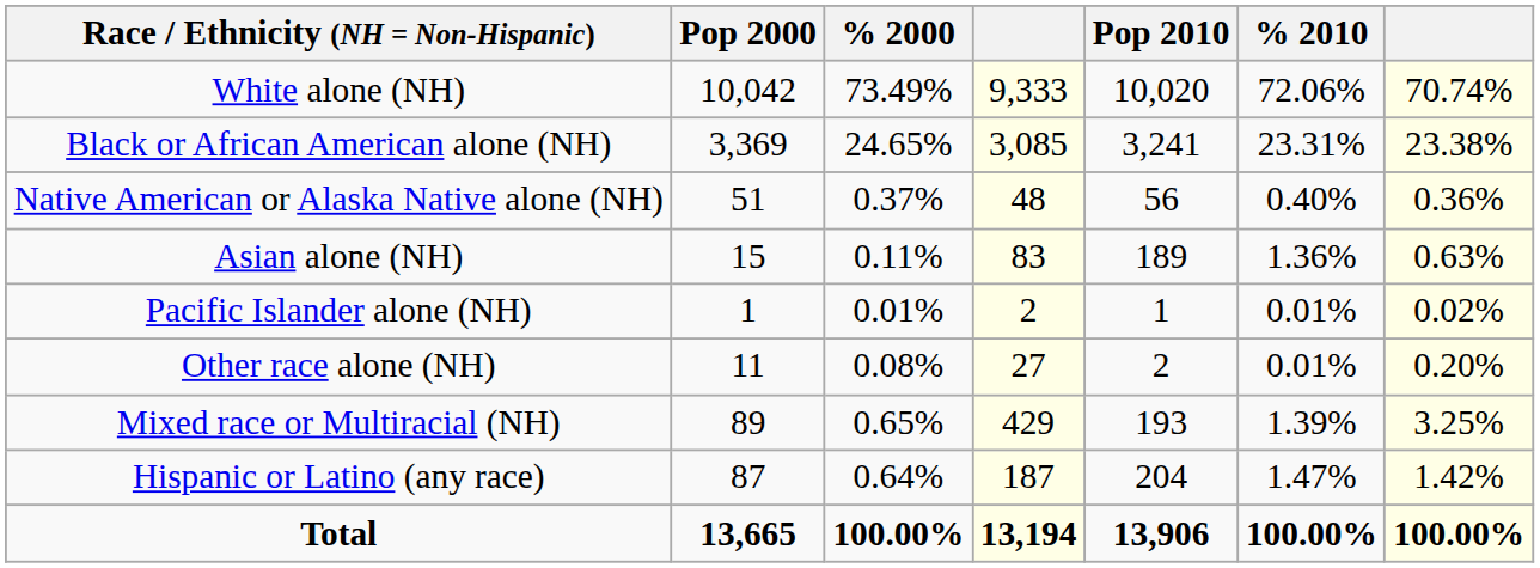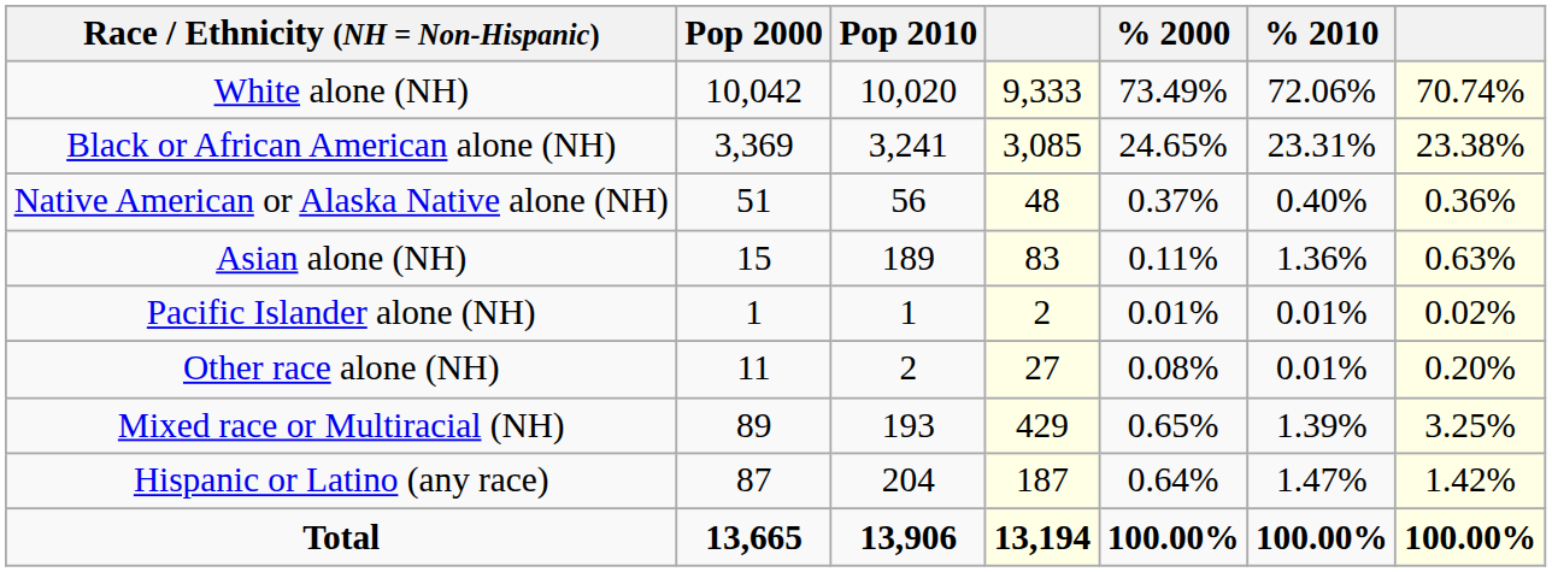 <table class="wikitable" style="text-align:center;">
 <tr>
 <th>Race / Ethnicity <small>(<em>NH = Non-Hispanic</em>)</small></th>
 <th>Pop 2000</th>
+<th>Pop 2010</th>
+<th></th>
 <th>% 2000</th>
-<th></th>
-<th>Pop 2010</th>
 <th>% 2010</th>
 <th></th>
 </tr>
 <tr>
 <td><a href='#'>White</a> alone (NH)</td>
 <td>10,042</td>
+<td>10,020</td>
+<td style='background: #ffffe6;'>9,333</td>
 <td>73.49%</td>
-<td style='background: #ffffe6;'>9,333</td>
-<td>10,020</td>
 <td>72.06%</td>
 <td style='background: #ffffe6;'>70.74%</td>
 </tr>
 <tr>
 <td><a href='#'>Black or African American</a> alone (NH)</td>
 <td>3,369</td>
+<td>3,241</td>
+<td style='background: #ffffe6;'>3,085</td>
 <td>24.65%</td>
-<td style='background: #ffffe6;'>3,085</td>
-<td>3,241</td>
 <td>23.31%</td>
 <td style='background: #ffffe6;'>23.38%</td>
 </tr>
 <tr>
 <td><a href='#'>Native American</a> or <a href='#'>Alaska Native</a> alone (NH)</td>
 <td>51</td>
+<td>56</td>
+<td style='background: #ffffe6;'>48</td>
 <td>0.37%</td>
-<td style='background: #ffffe6;'>48</td>
-<td>56</td>
 <td>0.40%</td>
 <td style='background: #ffffe6;'>0.36%</td>
 </tr>
 <tr>
 <td><a href='#'>Asian</a> alone (NH)</td>
 <td>15</td>
+<td>189</td>
+<td style='background: #ffffe6;'>83</td>
 <td>0.11%</td>
-<td style='background: #ffffe6;'>83</td>
-<td>189</td>
 <td>1.36%</td>
 <td style='background: #ffffe6;'>0.63%</td>
 </tr>
 <tr>
 <td><a href='#'>Pacific Islander</a> alone (NH)</td>
 <td>1</td>
+<td>1</td>
+<td style='background: #ffffe6;'>2</td>
 <td>0.01%</td>
-<td style='background: #ffffe6;'>2</td>
-<td>1</td>
 <td>0.01%</td>
 <td style='background: #ffffe6;'>0.02%</td>
 </tr>
 <tr>
 <td><a href='#'>Other race</a> alone (NH)</td>
 <td>11</td>
+<td>2</td>
+<td style='background: #ffffe6;'>27</td>
 <td>0.08%</td>
-<td style='background: #ffffe6;'>27</td>
-<td>2</td>
 <td>0.01%</td>
 <td style='background: #ffffe6;'>0.20%</td>
 </tr>
 <tr>
 <td><a href='#'>Mixed race or Multiracial</a> (NH)</td>
 <td>89</td>
+<td>193</td>
+<td style='background: #ffffe6;'>429</td>
 <td>0.65%</td>
-<td style='background: #ffffe6;'>429</td>
-<td>193</td>
 <td>1.39%</td>
 <td style='background: #ffffe6;'>3.25%</td>
 </tr>
 <tr>
 <td><a href='#'>Hispanic or Latino</a> (any race)</td>
 <td>87</td>
+<td>204</td>
+<td style='background: #ffffe6;'>187</td>
 <td>0.64%</td>
-<td style='background: #ffffe6;'>187</td>
-<td>204</td>
 <td>1.47%</td>
 <td style='background: #ffffe6;'>1.42%</td>
 </tr>
 <tr>
 <td><strong>Total</strong></td>
 <td><strong>13,665</strong></td>
+<td><strong>13,906</strong></td>
+<td style='background: #ffffe6;'><strong>13,194</strong></td>
 <td><strong>100.00%</strong></td>
-<td style='background: #ffffe6;'><strong>13,194</strong></td>
-<td><strong>13,906</strong></td>
 <td><strong>100.00%</strong></td>
 <td style='background: #ffffe6;'><strong>100.00%</strong></td>
 </tr>
 </table>
